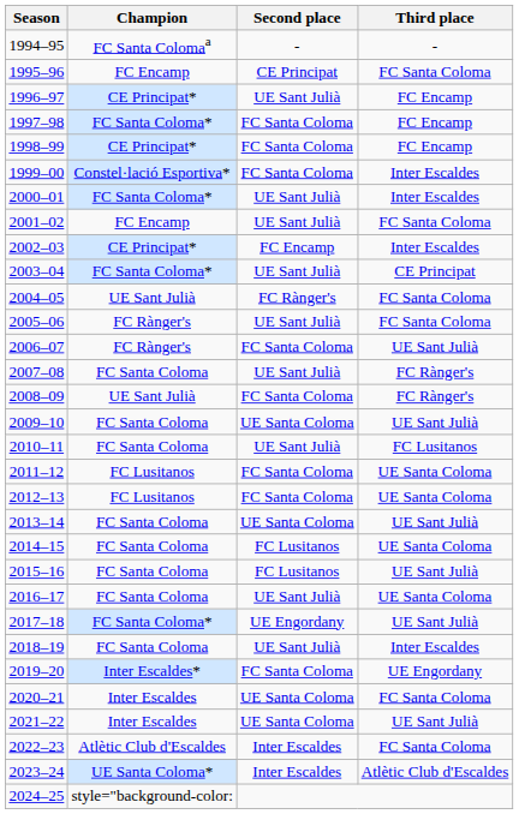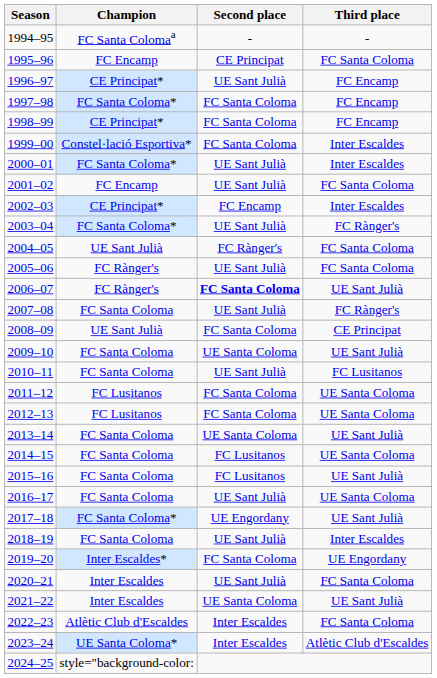 <table class="wikitable" style="text-align:center;">
 <tr>
 <th>Season</th>
 <th>Champion</th>
 <th>Second place</th>
 <th>Third place</th>
 </tr>
 <tr>
 <td>1994–95</td>
 <td><a href='#'>FC Santa Coloma</a><sup>a</sup></td>
 <td>-</td>
 <td>-</td>
 </tr>
 <tr>
 <td><a href='#'>1995–96</a></td>
 <td><a href='#'>FC Encamp</a></td>
 <td><a href='#'>CE Principat</a></td>
 <td><a href='#'>FC Santa Coloma</a></td>
 </tr>
 <tr>
 <td><a href='#'>1996–97</a></td>
 <td style="background-color: #D0E7FF"><a href='#'>CE Principat</a>*</td>
 <td><a href='#'>UE Sant Julià</a></td>
 <td><a href='#'>FC Encamp</a></td>
 </tr>
 <tr>
 <td><a href='#'>1997–98</a></td>
 <td style="background-color: #D0E7FF"><a href='#'>FC Santa Coloma</a>*</td>
 <td><a href='#'>FC Santa Coloma</a></td>
 <td><a href='#'>FC Encamp</a></td>
 </tr>
 <tr>
 <td><a href='#'>1998–99</a></td>
 <td style="background-color: #D0E7FF"><a href='#'>CE Principat</a>*</td>
 <td><a href='#'>FC Santa Coloma</a></td>
 <td><a href='#'>FC Encamp</a></td>
 </tr>
 <tr>
 <td><a href='#'>1999–00</a></td>
 <td style="background-color: #D0E7FF"><a href='#'>Constel·lació Esportiva</a>*</td>
 <td><a href='#'>FC Santa Coloma</a></td>
 <td><a href='#'>Inter Escaldes</a></td>
 </tr>
 <tr>
 <td><a href='#'>2000–01</a></td>
 <td style="background-color: #D0E7FF"><a href='#'>FC Santa Coloma</a>*</td>
 <td><a href='#'>UE Sant Julià</a></td>
 <td><a href='#'>Inter Escaldes</a></td>
 </tr>
 <tr>
 <td><a href='#'>2001–02</a></td>
 <td><a href='#'>FC Encamp</a></td>
 <td><a href='#'>UE Sant Julià</a></td>
 <td><a href='#'>FC Santa Coloma</a></td>
 </tr>
 <tr>
 <td><a href='#'>2002–03</a></td>
 <td style="background-color: #D0E7FF"><a href='#'>CE Principat</a>*</td>
 <td><a href='#'>FC Encamp</a></td>
 <td><a href='#'>Inter Escaldes</a></td>
 </tr>
 <tr>
 <td><a href='#'>2003–04</a></td>
 <td style="background-color: #D0E7FF"><a href='#'>FC Santa Coloma</a>*</td>
 <td><a href='#'>UE Sant Julià</a></td>
-<td><a href='#'>CE Principat</a></td>
+<td><a href='#'>FC Rànger's</a></td>
 </tr>
 <tr>
 <td><a href='#'>2004–05</a></td>
 <td><a href='#'>UE Sant Julià</a></td>
 <td><a href='#'>FC Rànger's</a></td>
 <td><a href='#'>FC Santa Coloma</a></td>
 </tr>
 <tr>
 <td><a href='#'>2005–06</a></td>
 <td><a href='#'>FC Rànger's</a></td>
 <td><a href='#'>UE Sant Julià</a></td>
 <td><a href='#'>FC Santa Coloma</a></td>
 </tr>
 <tr>
 <td><a href='#'>2006–07</a></td>
 <td><a href='#'>FC Rànger's</a></td>
-<td><a href='#'>FC Santa Coloma</a></td>
+<td><strong><a href='#'>FC Santa Coloma</a></strong></td>
 <td><a href='#'>UE Sant Julià</a></td>
 </tr>
 <tr>
 <td><a href='#'>2007–08</a></td>
 <td><a href='#'>FC Santa Coloma</a></td>
 <td><a href='#'>UE Sant Julià</a></td>
 <td><a href='#'>FC Rànger's</a></td>
 </tr>
 <tr>
 <td><a href='#'>2008–09</a></td>
 <td><a href='#'>UE Sant Julià</a></td>
 <td><a href='#'>FC Santa Coloma</a></td>
-<td><a href='#'>FC Rànger's</a></td>
+<td><a href='#'>CE Principat</a></td>
 </tr>
 <tr>
 <td><a href='#'>2009–10</a></td>
 <td><a href='#'>FC Santa Coloma</a></td>
 <td><a href='#'>UE Santa Coloma</a></td>
 <td><a href='#'>UE Sant Julià</a></td>
 </tr>
 <tr>
 <td><a href='#'>2010–11</a></td>
 <td><a href='#'>FC Santa Coloma</a></td>
 <td><a href='#'>UE Sant Julià</a></td>
 <td><a href='#'>FC Lusitanos</a></td>
 </tr>
 <tr>
 <td><a href='#'>2011–12</a></td>
 <td><a href='#'>FC Lusitanos</a></td>
 <td><a href='#'>FC Santa Coloma</a></td>
 <td><a href='#'>UE Santa Coloma</a></td>
 </tr>
 <tr>
 <td><a href='#'>2012–13</a></td>
 <td><a href='#'>FC Lusitanos</a></td>
 <td><a href='#'>FC Santa Coloma</a></td>
 <td><a href='#'>UE Santa Coloma</a></td>
 </tr>
 <tr>
 <td><a href='#'>2013–14</a></td>
 <td><a href='#'>FC Santa Coloma</a></td>
 <td><a href='#'>UE Santa Coloma</a></td>
 <td><a href='#'>UE Sant Julià</a></td>
 </tr>
 <tr>
 <td><a href='#'>2014–15</a></td>
 <td><a href='#'>FC Santa Coloma</a></td>
 <td><a href='#'>FC Lusitanos</a></td>
 <td><a href='#'>UE Santa Coloma</a></td>
 </tr>
 <tr>
 <td><a href='#'>2015–16</a></td>
 <td><a href='#'>FC Santa Coloma</a></td>
 <td><a href='#'>FC Lusitanos</a></td>
 <td><a href='#'>UE Sant Julià</a></td>
 </tr>
 <tr>
 <td><a href='#'>2016–17</a></td>
 <td><a href='#'>FC Santa Coloma</a></td>
 <td><a href='#'>UE Sant Julià</a></td>
 <td><a href='#'>UE Santa Coloma</a></td>
 </tr>
 <tr>
 <td><a href='#'>2017–18</a></td>
 <td style="background-color: #D0E7FF"><a href='#'>FC Santa Coloma</a>*</td>
 <td><a href='#'>UE Engordany</a></td>
 <td><a href='#'>UE Sant Julià</a></td>
 </tr>
 <tr>
 <td><a href='#'>2018–19</a></td>
 <td><a href='#'>FC Santa Coloma</a></td>
 <td><a href='#'>UE Sant Julià</a></td>
 <td><a href='#'>Inter Escaldes</a></td>
 </tr>
 <tr>
 <td><a href='#'>2019–20</a></td>
 <td style="background-color: #D0E7FF"><a href='#'>Inter Escaldes</a>*</td>
 <td><a href='#'>FC Santa Coloma</a></td>
 <td><a href='#'>UE Engordany</a></td>
 </tr>
 <tr>
 <td><a href='#'>2020–21</a></td>
 <td><a href='#'>Inter Escaldes</a></td>
-<td><a href='#'>UE Santa Coloma</a></td>
+<td><a href='#'>UE Sant Julià</a></td>
 <td><a href='#'>FC Santa Coloma</a></td>
 </tr>
 <tr>
 <td><a href='#'>2021–22</a></td>
 <td><a href='#'>Inter Escaldes</a></td>
 <td><a href='#'>UE Santa Coloma</a></td>
 <td><a href='#'>UE Sant Julià</a></td>
 </tr>
 <tr>
 <td><a href='#'>2022–23</a></td>
 <td><a href='#'>Atlètic Club d'Escaldes</a></td>
 <td><a href='#'>Inter Escaldes</a></td>
 <td><a href='#'>FC Santa Coloma</a></td>
 </tr>
 <tr>
 <td><a href='#'>2023–24</a></td>
 <td style="background-color: #D0E7FF"><a href='#'>UE Santa Coloma</a>*</td>
 <td><a href='#'>Inter Escaldes</a></td>
 <td><a href='#'>Atlètic Club d'Escaldes</a></td>
 </tr>
 <tr>
 <td><a href='#'>2024–25</a></td>
 <td>style="background-color:</td>
 </tr>
 </table>
